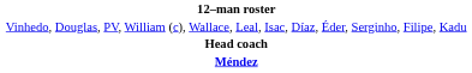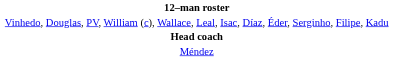 <table style="text-align:center; margin-top:2em; margin-left:auto; margin-right:auto">
 <tr>
 <td><strong>12–man roster</strong></td>
 </tr>
 <tr>
 <td><a href='#'>Vinhedo</a>, <a href='#'>Douglas</a>, <a href='#'>PV</a>, <a href='#'>William</a> (<a href='#'>c</a>), <a href='#'>Wallace</a>, <a href='#'>Leal</a>, <a href='#'>Isac</a>, <a href='#'>Díaz</a>, <a href='#'>Éder</a>, <a href='#'>Serginho</a>, <a href='#'>Filipe</a>, <a href='#'>Kadu</a></td>
 </tr>
 <tr>
 <td><strong>Head coach</strong></td>
 </tr>
 <tr>
-<td><strong><a href='#'>Méndez</a></strong></td>
+<td><a href='#'>Méndez</a></td>
 </tr>
 </table>
